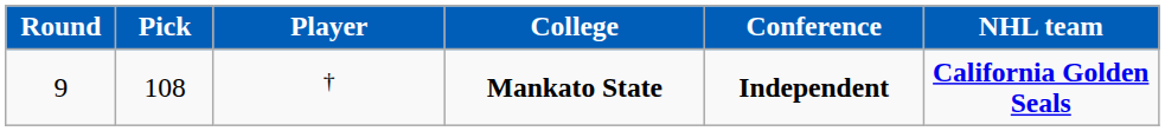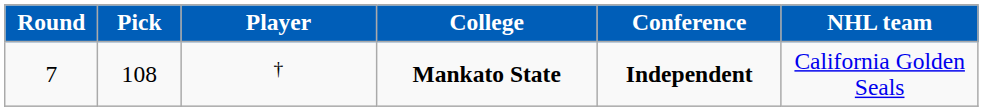 <table class="wikitable sortable" width="75%">
 <tr>
 <th style="color:white; background-color:#005EB8; width: 4em;">Round</th>
 <th style="color:white; background-color:#005EB8; width: 4em;">Pick</th>
 <th style="color:white; background-color:#005EB8; width: 12em;">Player</th>
 <th style="color:white; background-color:#005EB8; width: 13em;">College</th>
 <th style="color:white; background-color:#005EB8; width: 9em;">Conference</th>
 <th style="color:white; background-color:#005EB8; width: 11em;">NHL team</th>
 </tr>
 <tr align="center" bgcolor="">
-<td>9</td>
+<td>7</td>
 <td>108</td>
 <td> <sup>†</sup></td>
 <td><strong>Mankato State</strong></td>
 <td><strong>Independent</strong></td>
-<td><strong><a href='#'>California Golden Seals</a></strong></td>
+<td><a href='#'>California Golden Seals</a></td>
 </tr>
 </table>
